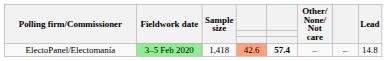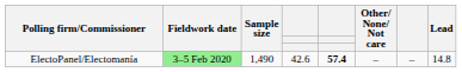 <table class="wikitable collapsible collapsed" style="text-align:center; font-size:90%; line-height:14px;">
 <tr style="height:42px;">
 <th style="width:250px;" rowspan="3">Polling firm/Commissioner</th>
 <th style="width:125px;" rowspan="3">Fieldwork date</th>
 <th style="width:50px;" rowspan="3">Sample size</th>
 <th style="width:55px;"></th>
 <th style="width:55px;"></th>
 <th style="width:55px;" rowspan="3">Other/<br>None/<br>Not<br>care</th>
 <th style="width:55px;" rowspan="3"></th>
 <th style="width:30px;" rowspan="3">Lead</th>
 </tr>
 <tr>
 <th style="color:inherit;background:"></th>
 <th style="color:inherit;background:"></th>
 </tr>
 <tr>
 <th></th>
 <th></th>
 </tr>
 <tr>
 <td>ElectoPanel/Electomanía</td>
 <td style="background: lightgreen;">3–5 Feb 2020</td>
-<td>1,418</td>
-<td style="background: lightsalmon;">42.6</td>
+<td>1,490</td>
+<td>42.6</td>
 <td><strong>57.4</strong></td>
 <td>–</td>
 <td>–</td>
 <td style="background:">14.8</td>
 </tr>
 </table>
